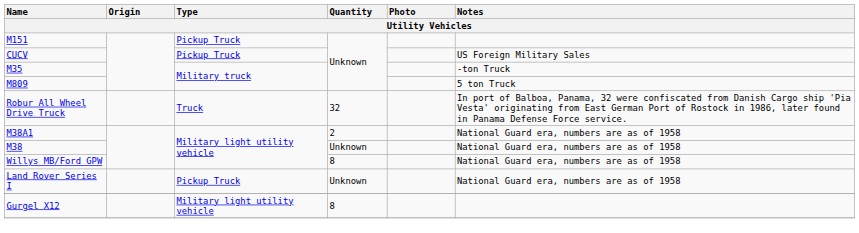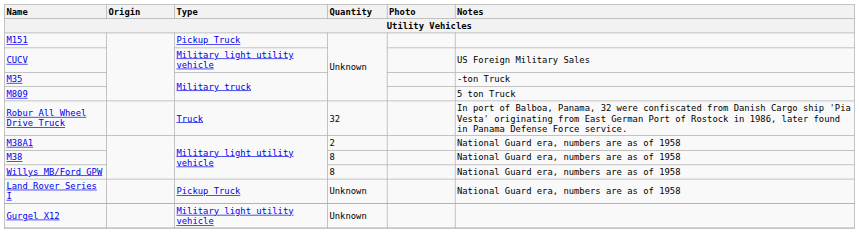 <table class="wikitable mw-collapsible">
 <tr>
 <th style="text-align: left; width:12%;">Name</th>
 <th style="text-align: left; width:8%;">Origin</th>
 <th style="text-align: left; width:18%;">Type</th>
 <th style="text-align: left; width:7%;">Quantity</th>
 <th style="text-align: left;width:8%;">Photo</th>
 <th style="text-align: left;width:47%;">Notes</th>
 </tr>
 <tr>
 <th style="align: center;" colspan="7">Utility Vehicles</th>
 </tr>
 <tr>
 <td><a href='#'>M151</a></td>
 <td rowspan="4"></td>
 <td><a href='#'>Pickup Truck</a></td>
 <td rowspan="4">Unknown</td>
 <td></td>
 <td></td>
 </tr>
 <tr>
 <td><a href='#'>CUCV</a></td>
-<td><a href='#'>Pickup Truck</a></td>
+<td><a href='#'>Military light utility vehicle</a></td>
 <td></td>
 <td> US Foreign Military Sales</td>
 </tr>
 <tr>
 <td><a href='#'>M35</a></td>
 <td rowspan="2"><a href='#'>Military truck</a></td>
 <td></td>
 <td> -ton Truck</td>
 </tr>
 <tr>
 <td><a href='#'>M809</a></td>
 <td></td>
 <td> 5 ton Truck</td>
 </tr>
 <tr>
 <td><a href='#'>Robur All Wheel Drive Truck</a></td>
 <td></td>
 <td><a href='#'>Truck</a></td>
 <td>32</td>
 <td></td>
 <td>In port of Balboa, Panama, 32 were confiscated from Danish Cargo ship 'Pia Vesta' originating from East German Port of Rostock in 1986, later found in Panama Defense Force service.</td>
 </tr>
 <tr>
 <td><a href='#'>M38A1</a></td>
 <td rowspan="3"></td>
 <td rowspan="3"><a href='#'>Military light utility vehicle</a></td>
 <td>2</td>
 <td></td>
 <td> National Guard era, numbers are as of 1958</td>
 </tr>
 <tr>
 <td><a href='#'>M38</a></td>
-<td>Unknown</td>
+<td>8</td>
 <td></td>
 <td> National Guard era, numbers are as of 1958</td>
 </tr>
 <tr>
 <td><a href='#'>Willys MB/Ford GPW</a></td>
 <td>8</td>
 <td></td>
 <td> National Guard era, numbers are as of 1958</td>
 </tr>
 <tr>
 <td><a href='#'>Land Rover Series I</a></td>
 <td></td>
 <td><a href='#'>Pickup Truck</a></td>
 <td>Unknown</td>
 <td></td>
 <td> National Guard era, numbers are as of 1958</td>
 </tr>
 <tr>
 </tr>
 <tr>
 <td><a href='#'>Gurgel X12</a></td>
 <td></td>
 <td><a href='#'>Military light utility vehicle</a></td>
-<td>8</td>
+<td>Unknown</td>
 <td></td>
 <td></td>
 </tr>
 <tr>
 </tr>
 </table>
